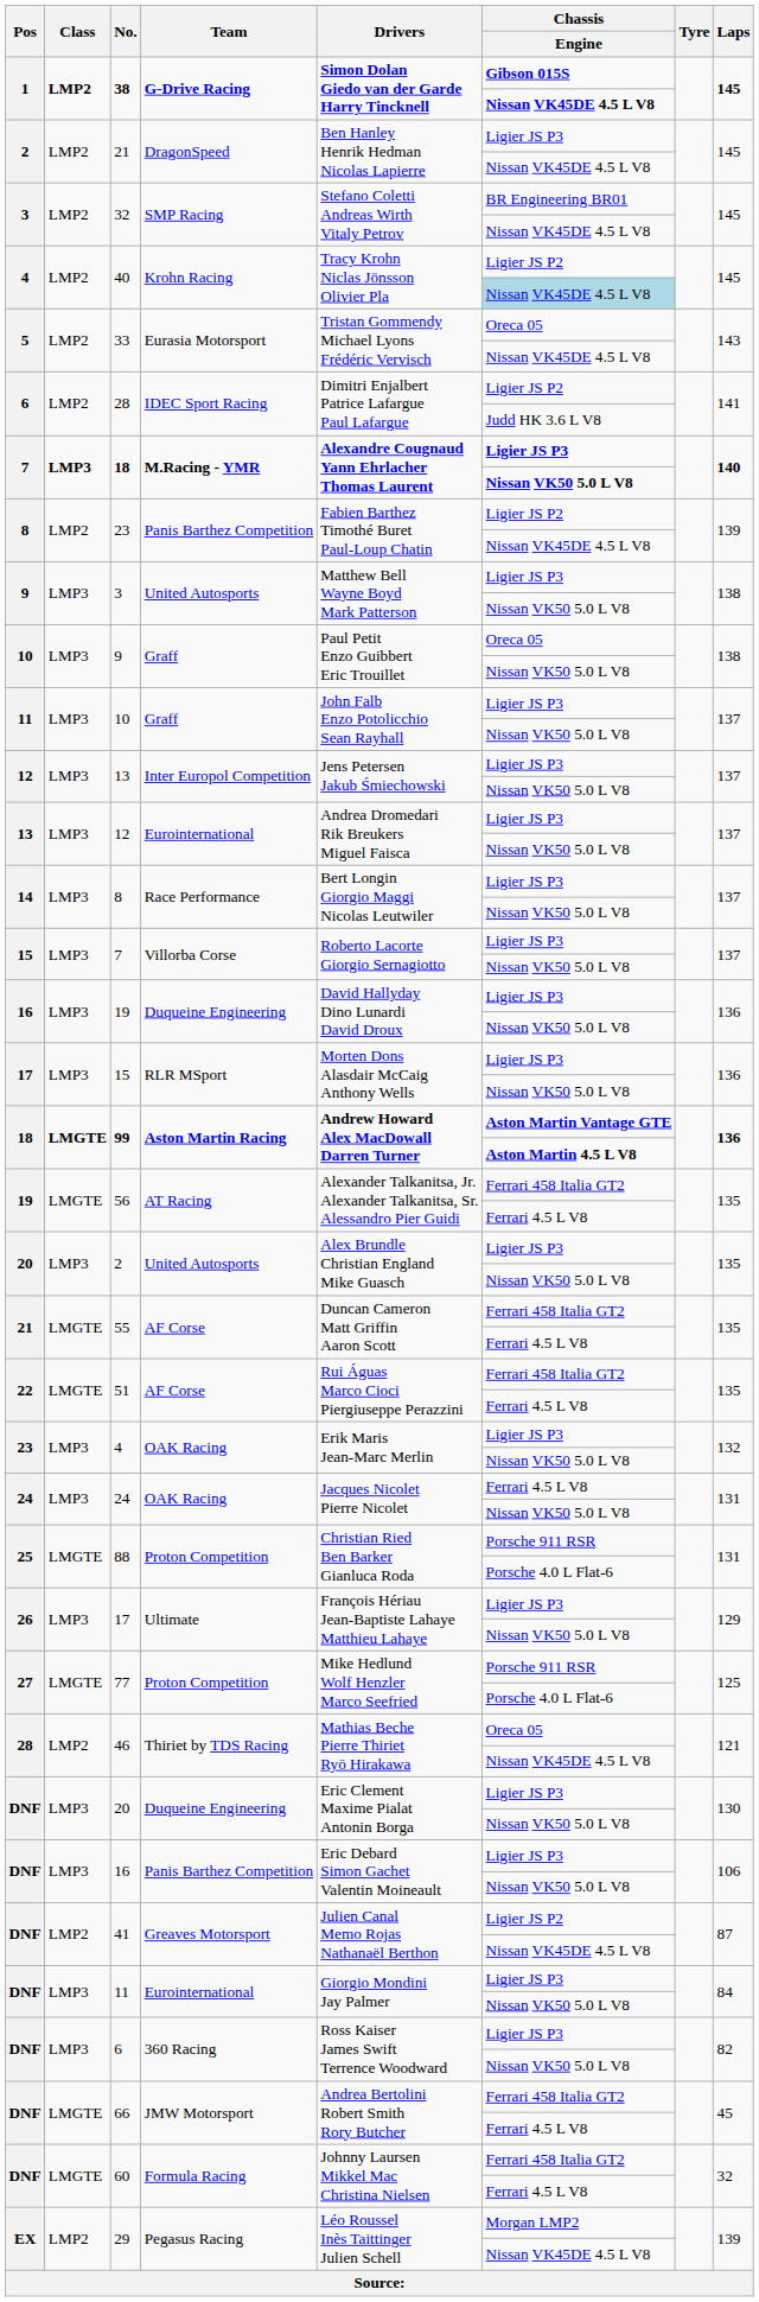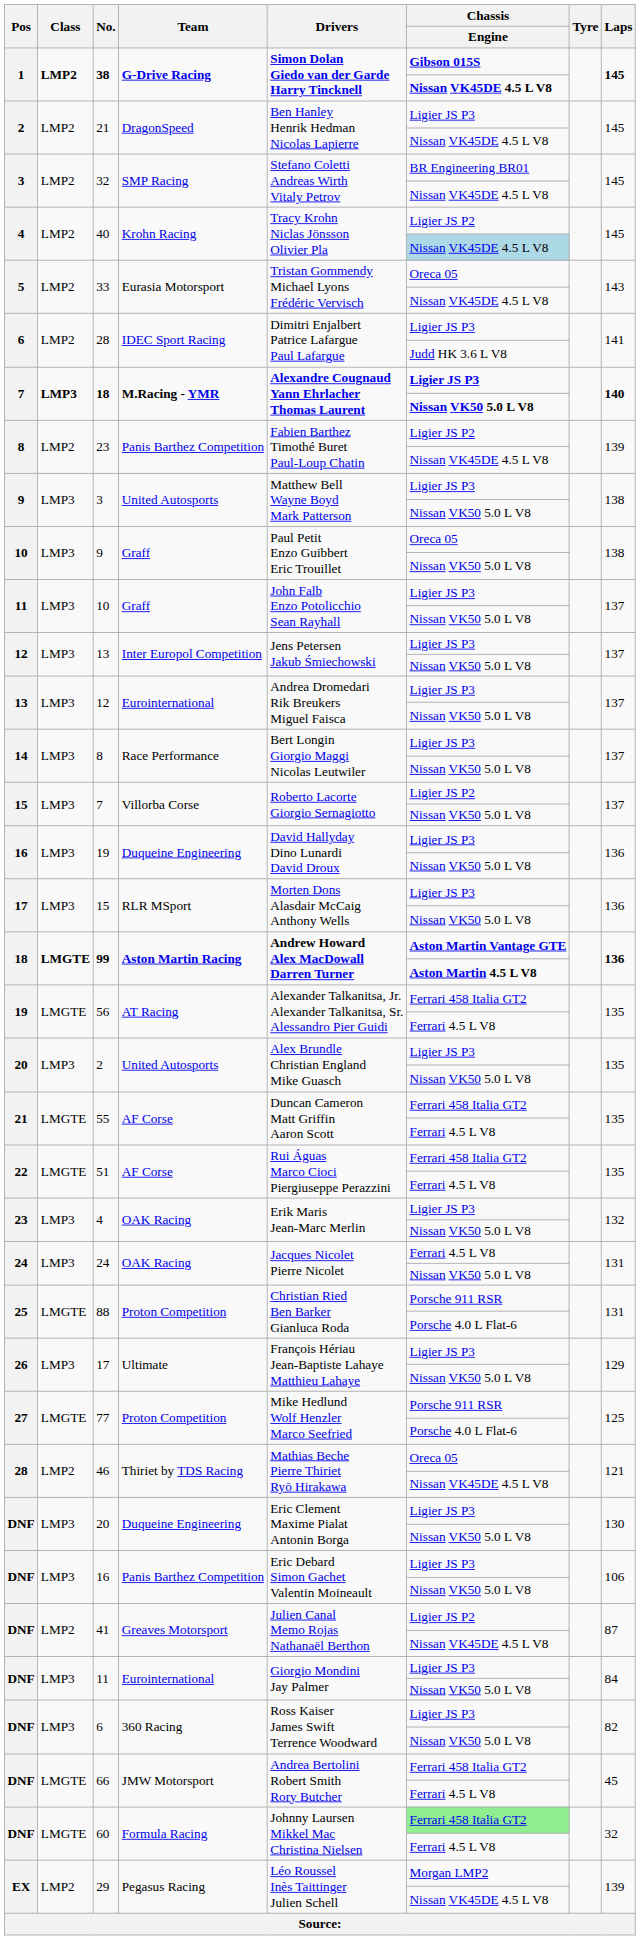 <table class="wikitable" style="font-size: 95%;">
 <tr>
 <th rowspan=2>Pos</th>
 <th rowspan=2>Class</th>
 <th rowspan=2>No.</th>
 <th rowspan=2>Team</th>
 <th rowspan=2>Drivers</th>
 <th>Chassis</th>
 <th rowspan=2>Tyre</th>
 <th rowspan=2>Laps</th>
 </tr>
 <tr>
 <th>Engine</th>
 </tr>
 <tr>
 <th rowspan=2>1</th>
 <td rowspan=2><strong>LMP2</strong></td>
 <td rowspan=2><strong>38</strong></td>
 <td rowspan=2><strong> <a href='#'>G-Drive Racing</a></strong></td>
 <td rowspan=2><strong> <a href='#'>Simon Dolan</a><br> <a href='#'>Giedo van der Garde</a><br> <a href='#'>Harry Tincknell</a></strong></td>
 <td><a href='#'><strong>Gibson 015S</strong></a></td>
 <td rowspan=2></td>
 <td rowspan=2><strong>145</strong></td>
 </tr>
 <tr>
 <td><strong><a href='#'>Nissan</a> <a href='#'>VK45DE</a> 4.5 L V8</strong></td>
 </tr>
 <tr>
 <th rowspan=2>2</th>
 <td rowspan=2>LMP2</td>
 <td rowspan=2>21</td>
 <td rowspan=2> <a href='#'>DragonSpeed</a></td>
 <td rowspan=2> <a href='#'>Ben Hanley</a><br> Henrik Hedman<br> <a href='#'>Nicolas Lapierre</a></td>
 <td><a href='#'>Ligier JS P3</a></td>
 <td rowspan=2></td>
 <td rowspan=2>145</td>
 </tr>
 <tr>
 <td><a href='#'>Nissan</a> <a href='#'>VK45DE</a> 4.5 L V8</td>
 </tr>
 <tr>
 <th rowspan=2>3</th>
 <td rowspan=2>LMP2</td>
 <td rowspan=2>32</td>
 <td rowspan=2> <a href='#'>SMP Racing</a></td>
 <td rowspan=2> <a href='#'>Stefano Coletti</a><br> <a href='#'>Andreas Wirth</a><br> <a href='#'>Vitaly Petrov</a></td>
 <td><a href='#'>BR Engineering BR01</a></td>
 <td rowspan=2></td>
 <td rowspan=2>145</td>
 </tr>
 <tr>
 <td><a href='#'>Nissan</a> <a href='#'>VK45DE</a> 4.5 L V8</td>
 </tr>
 <tr>
 <th rowspan=2>4</th>
 <td rowspan=2>LMP2</td>
 <td rowspan=2>40</td>
 <td rowspan=2> <a href='#'>Krohn Racing</a></td>
 <td rowspan=2> <a href='#'>Tracy Krohn</a><br> <a href='#'>Niclas Jönsson</a><br> <a href='#'>Olivier Pla</a></td>
 <td><a href='#'>Ligier JS P2</a></td>
 <td rowspan=2></td>
 <td rowspan=2>145</td>
 </tr>
 <tr>
 <td style="background: lightblue;"><a href='#'>Nissan</a> <a href='#'>VK45DE</a> 4.5 L V8</td>
 </tr>
 <tr>
 <th rowspan=2>5</th>
 <td rowspan=2>LMP2</td>
 <td rowspan=2>33</td>
 <td rowspan=2> Eurasia Motorsport</td>
 <td rowspan=2> <a href='#'>Tristan Gommendy</a><br> Michael Lyons<br> <a href='#'>Frédéric Vervisch</a></td>
 <td><a href='#'>Oreca 05</a></td>
 <td rowspan=2></td>
 <td rowspan=2>143</td>
 </tr>
 <tr>
 <td><a href='#'>Nissan</a> <a href='#'>VK45DE</a> 4.5 L V8</td>
 </tr>
 <tr>
 <th rowspan=2>6</th>
 <td rowspan=2>LMP2</td>
 <td rowspan=2>28</td>
 <td rowspan=2> <a href='#'>IDEC Sport Racing</a></td>
 <td rowspan=2> Dimitri Enjalbert<br> Patrice Lafargue<br> <a href='#'>Paul Lafargue</a></td>
-<td><a href='#'>Ligier JS P2</a></td>
+<td><a href='#'>Ligier JS P3</a></td>
 <td rowspan=2></td>
 <td rowspan=2>141</td>
 </tr>
 <tr>
 <td><a href='#'>Judd</a> HK 3.6 L V8</td>
 </tr>
 <tr>
 <th rowspan=2>7</th>
 <td rowspan=2><strong>LMP3</strong></td>
 <td rowspan=2><strong>18</strong></td>
 <td rowspan=2><strong> M.Racing - <a href='#'>YMR</a></strong></td>
 <td rowspan=2><strong> <a href='#'>Alexandre Cougnaud</a><br> <a href='#'>Yann Ehrlacher</a><br> <a href='#'>Thomas Laurent</a></strong></td>
 <td><a href='#'><strong>Ligier JS P3</strong></a></td>
 <td rowspan=2></td>
 <td rowspan=2><strong>140</strong></td>
 </tr>
 <tr>
 <td><strong><a href='#'>Nissan</a> <a href='#'>VK50</a> 5.0 L V8</strong></td>
 </tr>
 <tr>
 <th rowspan=2>8</th>
 <td rowspan=2>LMP2</td>
 <td rowspan=2>23</td>
 <td rowspan=2> <a href='#'>Panis Barthez Competition</a></td>
 <td rowspan=2> <a href='#'>Fabien Barthez</a><br> Timothé Buret<br> <a href='#'>Paul-Loup Chatin</a></td>
 <td><a href='#'>Ligier JS P2</a></td>
 <td rowspan=2></td>
 <td rowspan=2>139</td>
 </tr>
 <tr>
 <td><a href='#'>Nissan</a> <a href='#'>VK45DE</a> 4.5 L V8</td>
 </tr>
 <tr>
 <th rowspan=2>9</th>
 <td rowspan=2>LMP3</td>
 <td rowspan=2>3</td>
 <td rowspan=2> <a href='#'>United Autosports</a></td>
 <td rowspan=2> Matthew Bell<br> <a href='#'>Wayne Boyd</a><br> <a href='#'>Mark Patterson</a></td>
 <td><a href='#'>Ligier JS P3</a></td>
 <td rowspan=2></td>
 <td rowspan=2>138</td>
 </tr>
 <tr>
 <td><a href='#'>Nissan</a> <a href='#'>VK50</a> 5.0 L V8</td>
 </tr>
 <tr>
 <th rowspan=2>10</th>
 <td rowspan=2>LMP3</td>
 <td rowspan=2>9</td>
 <td rowspan=2> <a href='#'>Graff</a></td>
 <td rowspan=2> Paul Petit<br> Enzo Guibbert<br> Eric Trouillet</td>
 <td><a href='#'>Oreca 05</a></td>
 <td rowspan=2></td>
 <td rowspan=2>138</td>
 </tr>
 <tr>
 <td><a href='#'>Nissan</a> <a href='#'>VK50</a> 5.0 L V8</td>
 </tr>
 <tr>
 <th rowspan=2>11</th>
 <td rowspan=2>LMP3</td>
 <td rowspan=2>10</td>
 <td rowspan=2> <a href='#'>Graff</a></td>
 <td rowspan=2> <a href='#'>John Falb</a><br> <a href='#'>Enzo Potolicchio</a><br> <a href='#'>Sean Rayhall</a></td>
 <td><a href='#'>Ligier JS P3</a></td>
 <td rowspan=2></td>
 <td rowspan=2>137</td>
 </tr>
 <tr>
 <td><a href='#'>Nissan</a> <a href='#'>VK50</a> 5.0 L V8</td>
 </tr>
 <tr>
 <th rowspan=2>12</th>
 <td rowspan=2>LMP3</td>
 <td rowspan=2>13</td>
 <td rowspan=2> <a href='#'>Inter Europol Competition</a></td>
 <td rowspan=2> Jens Petersen<br> <a href='#'>Jakub Śmiechowski</a></td>
 <td><a href='#'>Ligier JS P3</a></td>
 <td rowspan=2></td>
 <td rowspan=2>137</td>
 </tr>
 <tr>
 <td><a href='#'>Nissan</a> <a href='#'>VK50</a> 5.0 L V8</td>
 </tr>
 <tr>
 <th rowspan=2>13</th>
 <td rowspan=2>LMP3</td>
 <td rowspan=2>12</td>
 <td rowspan=2> <a href='#'>Eurointernational</a></td>
 <td rowspan=2> Andrea Dromedari<br> Rik Breukers<br> Miguel Faisca</td>
 <td><a href='#'>Ligier JS P3</a></td>
 <td rowspan=2></td>
 <td rowspan=2>137</td>
 </tr>
 <tr>
 <td><a href='#'>Nissan</a> <a href='#'>VK50</a> 5.0 L V8</td>
 </tr>
 <tr>
 <th rowspan=2>14</th>
 <td rowspan=2>LMP3</td>
 <td rowspan=2>8</td>
 <td rowspan=2> Race Performance</td>
 <td rowspan=2> Bert Longin<br> <a href='#'>Giorgio Maggi</a><br> Nicolas Leutwiler</td>
 <td><a href='#'>Ligier JS P3</a></td>
 <td rowspan=2></td>
 <td rowspan=2>137</td>
 </tr>
 <tr>
 <td><a href='#'>Nissan</a> <a href='#'>VK50</a> 5.0 L V8</td>
 </tr>
 <tr>
 <th rowspan=2>15</th>
 <td rowspan=2>LMP3</td>
 <td rowspan=2>7</td>
 <td rowspan=2> Villorba Corse</td>
 <td rowspan=2> <a href='#'>Roberto Lacorte</a><br> <a href='#'>Giorgio Sernagiotto</a></td>
-<td><a href='#'>Ligier JS P3</a></td>
+<td><a href='#'>Ligier JS P2</a></td>
 <td rowspan=2></td>
 <td rowspan=2>137</td>
 </tr>
 <tr>
 <td><a href='#'>Nissan</a> <a href='#'>VK50</a> 5.0 L V8</td>
 </tr>
 <tr>
 <th rowspan=2>16</th>
 <td rowspan=2>LMP3</td>
 <td rowspan=2>19</td>
 <td rowspan=2> <a href='#'>Duqueine Engineering</a></td>
 <td rowspan=2> <a href='#'>David Hallyday</a><br> Dino Lunardi<br> <a href='#'>David Droux</a></td>
 <td><a href='#'>Ligier JS P3</a></td>
 <td rowspan=2></td>
 <td rowspan=2>136</td>
 </tr>
 <tr>
 <td><a href='#'>Nissan</a> <a href='#'>VK50</a> 5.0 L V8</td>
 </tr>
 <tr>
 <th rowspan=2>17</th>
 <td rowspan=2>LMP3</td>
 <td rowspan=2>15</td>
 <td rowspan=2> RLR MSport</td>
 <td rowspan=2> <a href='#'>Morten Dons</a><br> Alasdair McCaig<br> Anthony Wells</td>
 <td><a href='#'>Ligier JS P3</a></td>
 <td rowspan=2></td>
 <td rowspan=2>136</td>
 </tr>
 <tr>
 <td><a href='#'>Nissan</a> <a href='#'>VK50</a> 5.0 L V8</td>
 </tr>
 <tr>
 <th rowspan=2>18</th>
 <td rowspan=2><strong>LMGTE</strong></td>
 <td rowspan=2><strong>99</strong></td>
 <td rowspan=2><strong> <a href='#'>Aston Martin Racing</a></strong></td>
 <td rowspan=2><strong> Andrew Howard<br> <a href='#'>Alex MacDowall</a><br> <a href='#'>Darren Turner</a></strong></td>
 <td><a href='#'><strong>Aston Martin Vantage GTE</strong></a></td>
 <td rowspan=2></td>
 <td rowspan=2><strong>136</strong></td>
 </tr>
 <tr>
 <td><strong><a href='#'>Aston Martin</a> 4.5 L V8</strong></td>
 </tr>
 <tr>
 <th rowspan=2>19</th>
 <td rowspan=2>LMGTE</td>
 <td rowspan=2>56</td>
 <td rowspan=2> <a href='#'>AT Racing</a></td>
 <td rowspan=2> Alexander Talkanitsa, Jr.<br> Alexander Talkanitsa, Sr.<br> <a href='#'>Alessandro Pier Guidi</a></td>
 <td><a href='#'>Ferrari 458 Italia GT2</a></td>
 <td rowspan=2></td>
 <td rowspan=2>135</td>
 </tr>
 <tr>
 <td><a href='#'>Ferrari</a> 4.5 L V8</td>
 </tr>
 <tr>
 <th rowspan=2>20</th>
 <td rowspan=2>LMP3</td>
 <td rowspan=2>2</td>
 <td rowspan=2> <a href='#'>United Autosports</a></td>
 <td rowspan=2> <a href='#'>Alex Brundle</a><br> Christian England<br> Mike Guasch</td>
 <td><a href='#'>Ligier JS P3</a></td>
 <td rowspan=2></td>
 <td rowspan=2>135</td>
 </tr>
 <tr>
 <td><a href='#'>Nissan</a> <a href='#'>VK50</a> 5.0 L V8</td>
 </tr>
 <tr>
 <th rowspan=2>21</th>
 <td rowspan=2>LMGTE</td>
 <td rowspan=2>55</td>
 <td rowspan=2> <a href='#'>AF Corse</a></td>
 <td rowspan=2> Duncan Cameron<br> Matt Griffin<br> Aaron Scott</td>
 <td><a href='#'>Ferrari 458 Italia GT2</a></td>
 <td rowspan=2></td>
 <td rowspan=2>135</td>
 </tr>
 <tr>
 <td><a href='#'>Ferrari</a> 4.5 L V8</td>
 </tr>
 <tr>
 <th rowspan=2>22</th>
 <td rowspan=2>LMGTE</td>
 <td rowspan=2>51</td>
 <td rowspan=2> <a href='#'>AF Corse</a></td>
 <td rowspan=2> <a href='#'>Rui Águas</a><br> <a href='#'>Marco Cioci</a><br> Piergiuseppe Perazzini</td>
 <td><a href='#'>Ferrari 458 Italia GT2</a></td>
 <td rowspan=2></td>
 <td rowspan=2>135</td>
 </tr>
 <tr>
 <td><a href='#'>Ferrari</a> 4.5 L V8</td>
 </tr>
 <tr>
 <th rowspan=2>23</th>
 <td rowspan=2>LMP3</td>
 <td rowspan=2>4</td>
 <td rowspan=2> <a href='#'>OAK Racing</a></td>
 <td rowspan=2> Erik Maris<br> Jean-Marc Merlin</td>
 <td><a href='#'>Ligier JS P3</a></td>
 <td rowspan=2></td>
 <td rowspan=2>132</td>
 </tr>
 <tr>
 <td><a href='#'>Nissan</a> <a href='#'>VK50</a> 5.0 L V8</td>
 </tr>
 <tr>
 <th rowspan=2>24</th>
 <td rowspan=2>LMP3</td>
 <td rowspan=2>24</td>
 <td rowspan=2> <a href='#'>OAK Racing</a></td>
 <td rowspan=2> <a href='#'>Jacques Nicolet</a><br> Pierre Nicolet</td>
 <td><a href='#'>Ferrari</a> 4.5 L V8</td>
 <td rowspan=2></td>
 <td rowspan=2>131</td>
 </tr>
 <tr>
 <td><a href='#'>Nissan</a> <a href='#'>VK50</a> 5.0 L V8</td>
 </tr>
 <tr>
 <th rowspan=2>25</th>
 <td rowspan=2>LMGTE</td>
 <td rowspan=2>88</td>
 <td rowspan=2> <a href='#'>Proton Competition</a></td>
 <td rowspan=2> <a href='#'>Christian Ried</a><br> <a href='#'>Ben Barker</a><br> Gianluca Roda</td>
 <td><a href='#'>Porsche 911 RSR</a></td>
 <td rowspan=2></td>
 <td rowspan=2>131</td>
 </tr>
 <tr>
 <td><a href='#'>Porsche</a> 4.0 L Flat-6</td>
 </tr>
 <tr>
 <th rowspan="2">26</th>
 <td rowspan="2">LMP3</td>
 <td rowspan="2">17</td>
 <td rowspan="2"> Ultimate</td>
 <td rowspan="2"> François Hériau<br> Jean-Baptiste Lahaye<br> <a href='#'>Matthieu Lahaye</a></td>
 <td><a href='#'>Ligier JS P3</a></td>
 <td rowspan="2"></td>
 <td rowspan="2">129</td>
 </tr>
 <tr>
 <td><a href='#'>Nissan</a> <a href='#'>VK50</a> 5.0 L V8</td>
 </tr>
 <tr>
 <th rowspan=2>27</th>
 <td rowspan=2>LMGTE</td>
 <td rowspan=2>77</td>
 <td rowspan=2> <a href='#'>Proton Competition</a></td>
 <td rowspan=2> Mike Hedlund<br> <a href='#'>Wolf Henzler</a><br> <a href='#'>Marco Seefried</a></td>
 <td><a href='#'>Porsche 911 RSR</a></td>
 <td rowspan=2></td>
 <td rowspan=2>125</td>
 </tr>
 <tr>
 <td><a href='#'>Porsche</a> 4.0 L Flat-6</td>
 </tr>
 <tr>
 <th rowspan="2">28</th>
 <td rowspan="2">LMP2</td>
 <td rowspan="2">46</td>
 <td rowspan="2"> Thiriet by <a href='#'>TDS Racing</a></td>
 <td rowspan="2"> <a href='#'>Mathias Beche</a><br> <a href='#'>Pierre Thiriet</a><br> <a href='#'>Ryō Hirakawa</a></td>
 <td><a href='#'>Oreca 05</a></td>
 <td rowspan="2"></td>
 <td rowspan="2">121</td>
 </tr>
 <tr>
 <td><a href='#'>Nissan</a> <a href='#'>VK45DE</a> 4.5 L V8</td>
 </tr>
 <tr>
 <th rowspan="2">DNF</th>
 <td rowspan="2">LMP3</td>
 <td rowspan="2">20</td>
 <td rowspan="2"> <a href='#'>Duqueine Engineering</a></td>
 <td rowspan="2"> Eric Clement<br> Maxime Pialat<br> Antonin Borga</td>
 <td><a href='#'>Ligier JS P3</a></td>
 <td rowspan="2"></td>
 <td rowspan="2">130</td>
 </tr>
 <tr>
 <td><a href='#'>Nissan</a> <a href='#'>VK50</a> 5.0 L V8</td>
 </tr>
 <tr>
 <th rowspan="2">DNF</th>
 <td rowspan="2">LMP3</td>
 <td rowspan="2">16</td>
 <td rowspan="2"> <a href='#'>Panis Barthez Competition</a></td>
 <td rowspan="2"> Eric Debard<br> <a href='#'>Simon Gachet</a><br> Valentin Moineault</td>
 <td><a href='#'>Ligier JS P3</a></td>
 <td rowspan="2"></td>
 <td rowspan="2">106</td>
 </tr>
 <tr>
 <td><a href='#'>Nissan</a> <a href='#'>VK50</a> 5.0 L V8</td>
 </tr>
 <tr>
 <th rowspan="2">DNF</th>
 <td rowspan="2">LMP2</td>
 <td rowspan="2">41</td>
 <td rowspan="2"> <a href='#'>Greaves Motorsport</a></td>
 <td rowspan="2"> <a href='#'>Julien Canal</a><br> <a href='#'>Memo Rojas</a><br> <a href='#'>Nathanaël Berthon</a></td>
 <td><a href='#'>Ligier JS P2</a></td>
 <td rowspan="2"></td>
 <td rowspan="2">87</td>
 </tr>
 <tr>
 <td><a href='#'>Nissan</a> <a href='#'>VK45DE</a> 4.5 L V8</td>
 </tr>
 <tr>
 <th rowspan="2">DNF</th>
 <td rowspan="2">LMP3</td>
 <td rowspan="2">11</td>
 <td rowspan="2"> <a href='#'>Eurointernational</a></td>
 <td rowspan="2"> <a href='#'>Giorgio Mondini</a><br> Jay Palmer</td>
 <td><a href='#'>Ligier JS P3</a></td>
 <td rowspan="2"></td>
 <td rowspan="2">84</td>
 </tr>
 <tr>
 <td><a href='#'>Nissan</a> <a href='#'>VK50</a> 5.0 L V8</td>
 </tr>
 <tr>
 <th rowspan="2">DNF</th>
 <td rowspan="2">LMP3</td>
 <td rowspan="2">6</td>
 <td rowspan="2"> 360 Racing</td>
 <td rowspan="2"> Ross Kaiser<br> James Swift<br> Terrence Woodward</td>
 <td><a href='#'>Ligier JS P3</a></td>
 <td rowspan="2"></td>
 <td rowspan="2">82</td>
 </tr>
 <tr>
 <td><a href='#'>Nissan</a> <a href='#'>VK50</a> 5.0 L V8</td>
 </tr>
 <tr>
 <th rowspan="2">DNF</th>
 <td rowspan="2">LMGTE</td>
 <td rowspan="2">66</td>
 <td rowspan="2"> JMW Motorsport</td>
 <td rowspan="2"> <a href='#'>Andrea Bertolini</a><br> Robert Smith<br> <a href='#'>Rory Butcher</a></td>
 <td><a href='#'>Ferrari 458 Italia GT2</a></td>
 <td rowspan="2"></td>
 <td rowspan="2">45</td>
 </tr>
 <tr>
 <td><a href='#'>Ferrari</a> 4.5 L V8</td>
 </tr>
 <tr>
 <th rowspan="2">DNF</th>
 <td rowspan="2">LMGTE</td>
 <td rowspan="2">60</td>
 <td rowspan="2"> <a href='#'>Formula Racing</a></td>
 <td rowspan="2"> Johnny Laursen<br> <a href='#'>Mikkel Mac</a><br> <a href='#'>Christina Nielsen</a></td>
-<td><a href='#'>Ferrari 458 Italia GT2</a></td>
+<td style="background: lightgreen;"><a href='#'>Ferrari 458 Italia GT2</a></td>
 <td rowspan="2"></td>
 <td rowspan="2">32</td>
 </tr>
 <tr>
 <td><a href='#'>Ferrari</a> 4.5 L V8</td>
 </tr>
 <tr>
 <th rowspan="2">EX</th>
 <td rowspan="2">LMP2</td>
 <td rowspan="2">29</td>
 <td rowspan="2"> Pegasus Racing</td>
 <td rowspan="2"> <a href='#'>Léo Roussel</a><br> <a href='#'>Inès Taittinger</a><br> Julien Schell</td>
 <td><a href='#'>Morgan LMP2</a></td>
 <td rowspan="2"></td>
 <td rowspan="2">139</td>
 </tr>
 <tr>
 <td><a href='#'>Nissan</a> <a href='#'>VK45DE</a> 4.5 L V8</td>
 </tr>
 <tr>
 <th colspan="8">Source:</th>
 </tr>
 </table>
